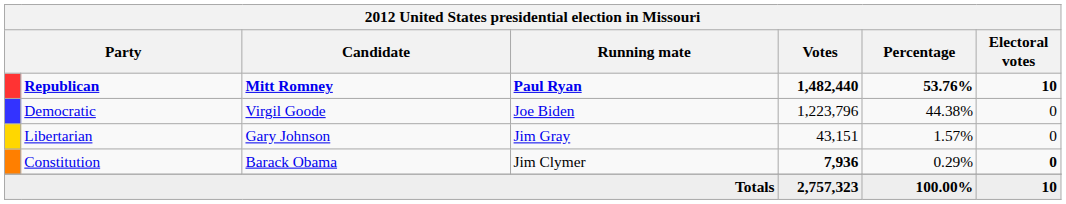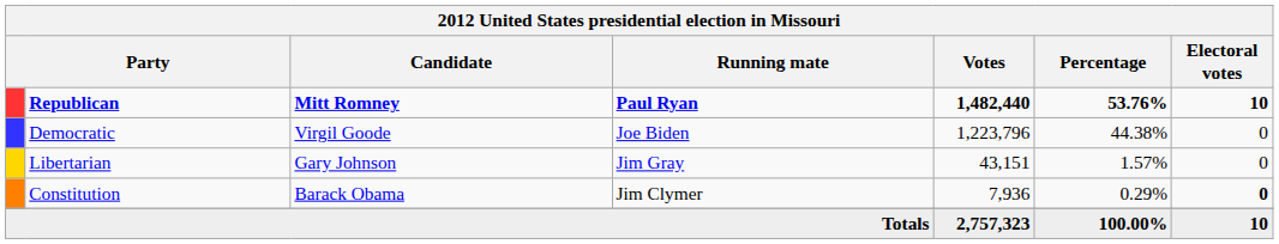 <table class="wikitable" style="font-size: 95%;">
 <tr>
 <th colspan="7">2012 United States presidential election in Missouri</th>
 </tr>
 <tr>
 <th colspan="2" style="width: 15em">Party</th>
 <th style="width: 17em">Candidate</th>
 <th style="width: 17em">Running mate</th>
 <th style="width: 5em">Votes</th>
 <th style="width: 7em">Percentage</th>
 <th style="width: 5em">Electoral votes</th>
 </tr>
 <tr>
 <th style="background-color:#FF3333; width: 3px"></th>
 <td style="width: 130px"><strong><a href='#'>Republican</a></strong></td>
 <td><strong><a href='#'>Mitt Romney</a></strong></td>
 <td><strong><a href='#'>Paul Ryan</a></strong></td>
 <td align="right"><strong>1,482,440</strong></td>
 <td align="right"><strong>53.76%</strong></td>
 <td align="right"><strong>10</strong></td>
 </tr>
 <tr>
 <th style="background-color:#3333FF; width: 3px"></th>
 <td style="width: 130px"><a href='#'>Democratic</a></td>
 <td><a href='#'>Virgil Goode</a></td>
 <td><a href='#'>Joe Biden</a></td>
 <td align="right">1,223,796</td>
 <td align="right">44.38%</td>
 <td align="right">0</td>
 </tr>
 <tr>
 <th style="background-color:#FFD700; width: 3px"></th>
 <td style="width: 130px"><a href='#'>Libertarian</a></td>
 <td><a href='#'>Gary Johnson</a></td>
 <td><a href='#'>Jim Gray</a></td>
 <td align="right">43,151</td>
 <td align="right">1.57%</td>
 <td align="right">0</td>
 </tr>
 <tr>
 <th style="background-color:#FF7F00; width: 3px"></th>
 <td style="width: 130px"><a href='#'>Constitution</a></td>
 <td><a href='#'>Barack Obama</a></td>
 <td>Jim Clymer</td>
-<td align="right"><strong>7,936</strong></td>
+<td align="right">7,936</td>
 <td align="right">0.29%</td>
 <td align="right"><strong>0</strong></td>
 </tr>
 <tr>
 </tr>
 <tr bgcolor="#EEEEEE">
 <td colspan="4" align="right"><strong>Totals</strong></td>
 <td align="right"><strong>2,757,323</strong></td>
 <td align="right"><strong>100.00%</strong></td>
 <td align="right"><strong>10</strong></td>
 </tr>
 </table>
